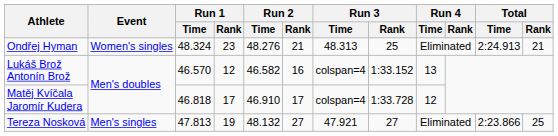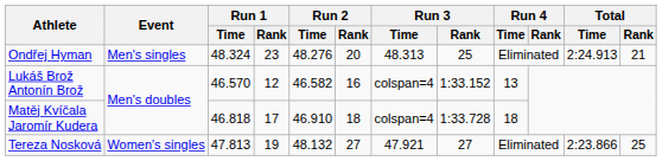 <table class="wikitable" style="font-size:90%">
 <tr>
 <th rowspan="2">Athlete</th>
 <th rowspan="2">Event</th>
 <th colspan=2>Run 1</th>
 <th colspan=2>Run 2</th>
 <th colspan=2>Run 3</th>
 <th colspan=2>Run 4</th>
 <th colspan=2>Total</th>
 </tr>
 <tr style="font-size:95%">
 <th>Time</th>
 <th>Rank</th>
 <th>Time</th>
 <th>Rank</th>
 <th>Time</th>
 <th>Rank</th>
 <th>Time</th>
 <th>Rank</th>
 <th>Time</th>
 <th>Rank</th>
 </tr>
 <tr align=center>
 <td align=left><a href='#'>Ondřej Hyman</a></td>
-<td align=left><a href='#'>Women's singles</a></td>
+<td align=left><a href='#'>Men's singles</a></td>
 <td>48.324</td>
 <td>23</td>
 <td>48.276</td>
-<td>21</td>
+<td>20</td>
 <td>48.313</td>
 <td>25</td>
 <td colspan=2>Eliminated</td>
 <td>2:24.913</td>
 <td>21</td>
 </tr>
 <tr align=center>
 <td align=left><a href='#'>Lukáš Brož</a><br><a href='#'>Antonín Brož</a></td>
 <td align=left rowspan=2><a href='#'>Men's doubles</a></td>
 <td>46.570</td>
 <td>12</td>
 <td>46.582</td>
 <td>16</td>
 <td>colspan=4 </td>
 <td>1:33.152</td>
 <td>13</td>
 </tr>
 <tr align=center>
 <td align=left><a href='#'>Matěj Kvíčala</a><br><a href='#'>Jaromír Kudera</a></td>
 <td>46.818</td>
 <td>17</td>
 <td>46.910</td>
-<td>17</td>
+<td>18</td>
 <td>colspan=4 </td>
 <td>1:33.728</td>
-<td>12</td>
+<td>18</td>
 </tr>
 <tr align=center>
 <td align=left><a href='#'>Tereza Nosková</a></td>
-<td align=left><a href='#'>Men's singles</a></td>
+<td align=left><a href='#'>Women's singles</a></td>
 <td>47.813</td>
 <td>19</td>
 <td>48.132</td>
 <td>27</td>
 <td>47.921</td>
 <td>27</td>
 <td colspan=2>Eliminated</td>
 <td>2:23.866</td>
 <td>25</td>
 </tr>
 </table>
